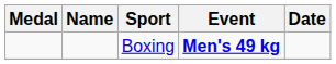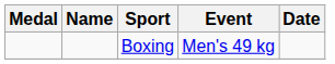 <table class="wikitable sortable"  style="font-size:95%">
 <tr>
 <th>Medal</th>
 <th>Name</th>
 <th>Sport</th>
 <th>Event</th>
 <th>Date</th>
 </tr>
 <tr>
 <td></td>
 <td></td>
 <td><a href='#'>Boxing</a></td>
-<td><strong><a href='#'>Men's 49 kg</a></strong></td>
+<td><a href='#'>Men's 49 kg</a></td>
 <td></td>
 </tr>
 <tr>
 </tr>
 </table>
